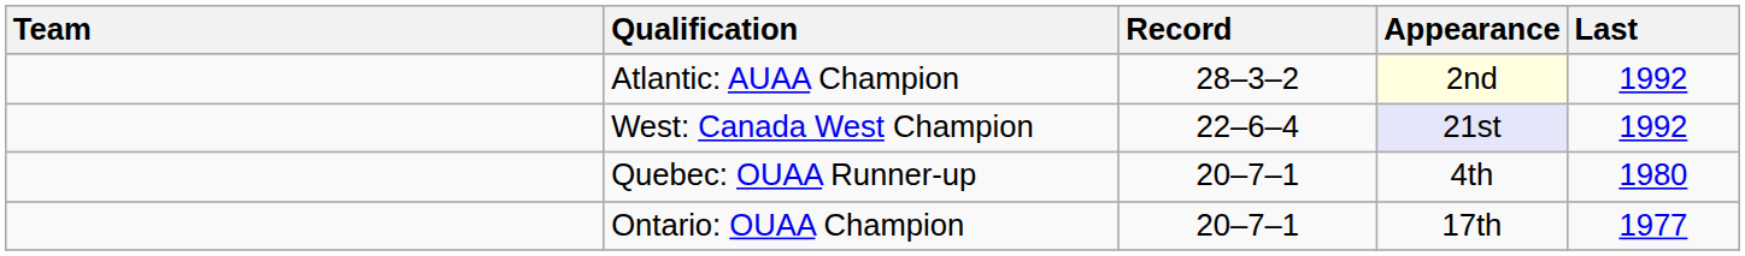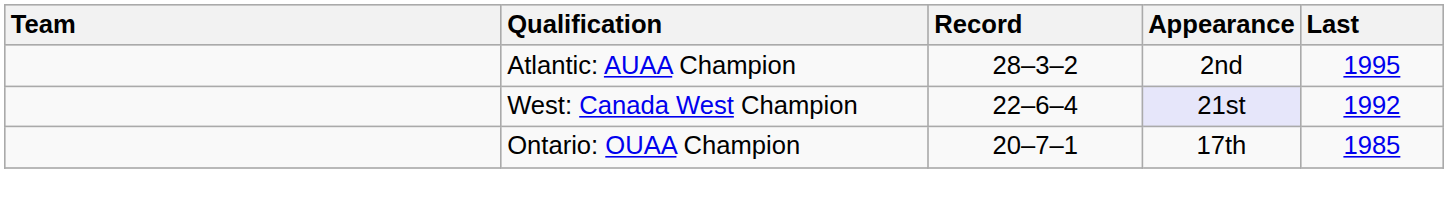 <table class="wikitable sortable" style="text-align: center;" width=900>
 <tr style="background:#efefef; text-align:center">
 <th style="text-align:left" width=35%>Team</th>
 <th style="text-align:left" width=30%>Qualification</th>
 <th style="text-align:left" width=15%>Record</th>
 <th style="text-align:left" width=10%>Appearance</th>
 <th style="text-align:left" width=10%>Last</th>
 </tr>
 <tr style="text-align:center">
 <td style="text-align:left; "><a href='#'></a></td>
 <td style="text-align:left">Atlantic: <a href='#'>AUAA</a> Champion</td>
 <td style="text-align:center">28–3–2</td>
-<td style="background: lightyellow; text-align:center">2nd</td>
-<td style="text-align:center"><a href='#'>1992</a></td>
+<td style="text-align:center">2nd</td>
+<td style="text-align:center"><a href='#'>1995</a></td>
 </tr>
 <tr style="text-align:center">
 <td style="text-align:left; "><a href='#'></a></td>
 <td style="text-align:left">West: <a href='#'>Canada West</a> Champion</td>
 <td style="text-align:center">22–6–4</td>
 <td style="background: lavender; text-align:center">21st</td>
 <td style="text-align:center"><a href='#'>1992</a></td>
 </tr>
 <tr style="text-align:center">
 <td style="text-align:left; "><a href='#'></a></td>
-<td style="text-align:left">Quebec: <a href='#'>OUAA</a> Runner-up</td>
-<td style="text-align:center">20–7–1</td>
-<td style="text-align:center">4th</td>
-<td style="text-align:center"><a href='#'>1980</a></td>
-</tr>
-<tr style="text-align:center">
-<td style="text-align:left; "><a href='#'></a></td>
 <td style="text-align:left">Ontario: <a href='#'>OUAA</a> Champion</td>
 <td style="text-align:center">20–7–1</td>
 <td style="text-align:center">17th</td>
-<td style="text-align:center"><a href='#'>1977</a></td>
+<td style="text-align:center"><a href='#'>1985</a></td>
 </tr>
 </table>
